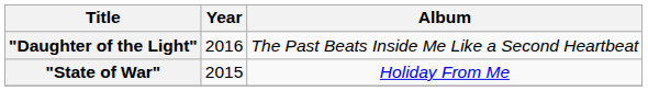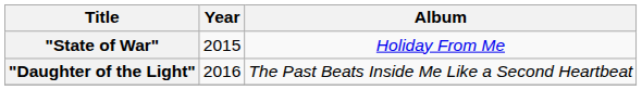 <table class="wikitable plainrowheaders" style="text-align:center;">
 <tr>
 <th>Title</th>
 <th>Year</th>
 <th>Album</th>
 </tr>
 <tr>
+<th scope="row">"State of War"<br></th>
+<td>2015</td>
+<td><em><a href='#'>Holiday From Me</a></em></td>
+</tr>
+<tr>
 <th scope="row">"Daughter of the Light"<br></th>
 <td>2016</td>
 <td><em>The Past Beats Inside Me Like a Second Heartbeat</em></td>
 </tr>
 <tr>
-<th scope="row">"State of War"<br></th>
-<td>2015</td>
-<td><em><a href='#'>Holiday From Me</a></em></td>
-</tr>
-<tr>
 </tr>
 </table>
